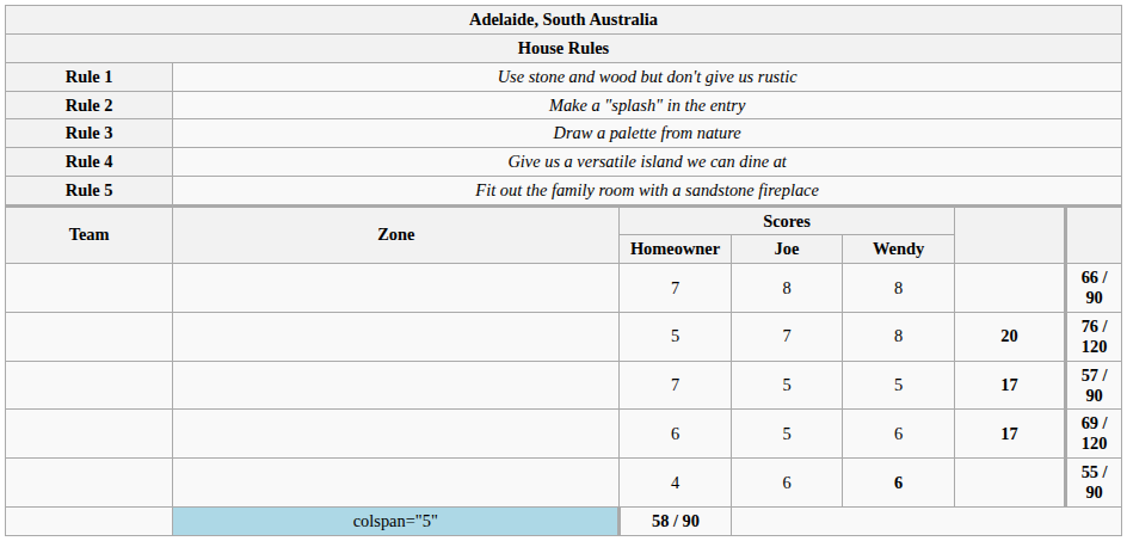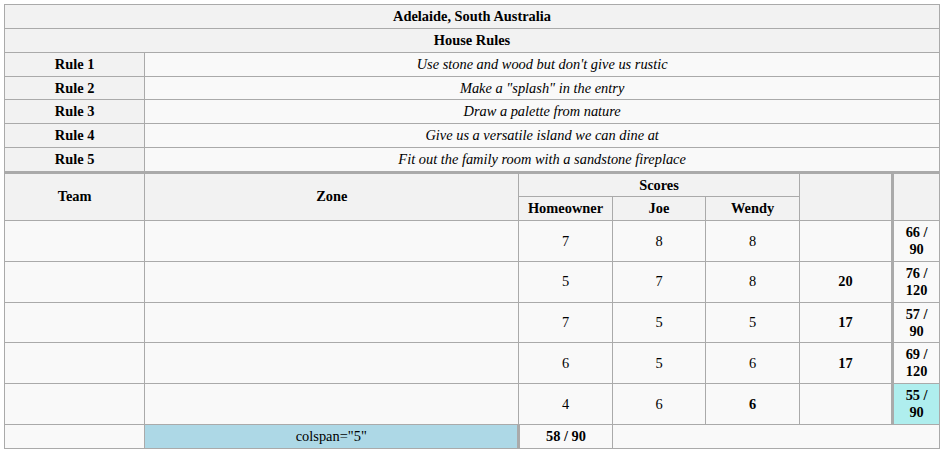 <table class="wikitable plainrowheaders" style="text-align:center; font-size:90%; width:65em;">
 <tr>
 <th colspan="7" >Adelaide, South Australia</th>
 </tr>
 <tr>
 <th colspan="7">House Rules</th>
 </tr>
 <tr>
 <th>Rule 1</th>
 <td colspan="6"><em>Use stone and wood but don't give us rustic</em></td>
 </tr>
 <tr>
 <th>Rule 2</th>
 <td colspan="6"><em>Make a "splash" in the entry</em></td>
 </tr>
 <tr>
 <th>Rule 3</th>
 <td colspan="6"><em>Draw a palette from nature</em></td>
 </tr>
 <tr>
 <th>Rule 4</th>
 <td colspan="6"><em>Give us a versatile island we can dine at</em></td>
 </tr>
 <tr>
 <th>Rule 5</th>
 <td colspan="6"><em>Fit out the family room with a sandstone fireplace</em></td>
 </tr>
 <tr style="border-top:3px solid #aaa;">
 <th rowspan="2">Team</th>
 <th rowspan="2" style="width:40%;">Zone</th>
 <th colspan="3" style="width:40%;">Scores</th>
 <th rowspan="2" style="width:10%;"></th>
 <th rowspan="2" style="width:10%; border-left:3px solid #aaa;"></th>
 </tr>
 <tr>
 <th style="width:10%;">Homeowner</th>
 <th style="width:10%;">Joe</th>
 <th style="width:10%;">Wendy</th>
 </tr>
 <tr>
 <td style="width:15%;"></td>
 <td></td>
 <td>7</td>
 <td>8</td>
 <td>8</td>
 <td></td>
 <td style="border-left:3px solid #aaa;"><strong>66 / 90</strong></td>
 </tr>
 <tr>
 <td style="width:15%;"></td>
 <td></td>
 <td>5</td>
 <td>7</td>
 <td>8</td>
 <td><strong>20</strong></td>
 <td style="border-left:3px solid #aaa;"><strong>76 / 120</strong></td>
 </tr>
 <tr>
 <td style="width:15%;"></td>
 <td></td>
 <td>7</td>
 <td>5</td>
 <td>5</td>
 <td><strong>17</strong></td>
 <td style="border-left:3px solid #aaa;"><strong>57 / 90</strong></td>
 </tr>
 <tr>
 <td style="width:15%;"></td>
 <td></td>
 <td>6</td>
 <td>5</td>
 <td>6</td>
 <td><strong>17</strong></td>
 <td style="border-left:3px solid #aaa;"><strong>69 / 120</strong></td>
 </tr>
 <tr>
 <td style="width:15%;"></td>
 <td></td>
 <td>4</td>
 <td>6</td>
 <td><strong>6</strong></td>
 <td></td>
-<td style="border-left:3px solid #aaa;"><strong>55 / 90</strong></td>
+<td style="background: paleturquoise; border-left:3px solid #aaa;"><strong>55 / 90</strong></td>
 </tr>
 <tr>
 <td style="width:15%;"></td>
 <td style="background: lightblue;">colspan="5" </td>
 <td style="border-left:3px solid #aaa;"><strong>58 / 90</strong></td>
 </tr>
 <tr>
 </tr>
 </table>
